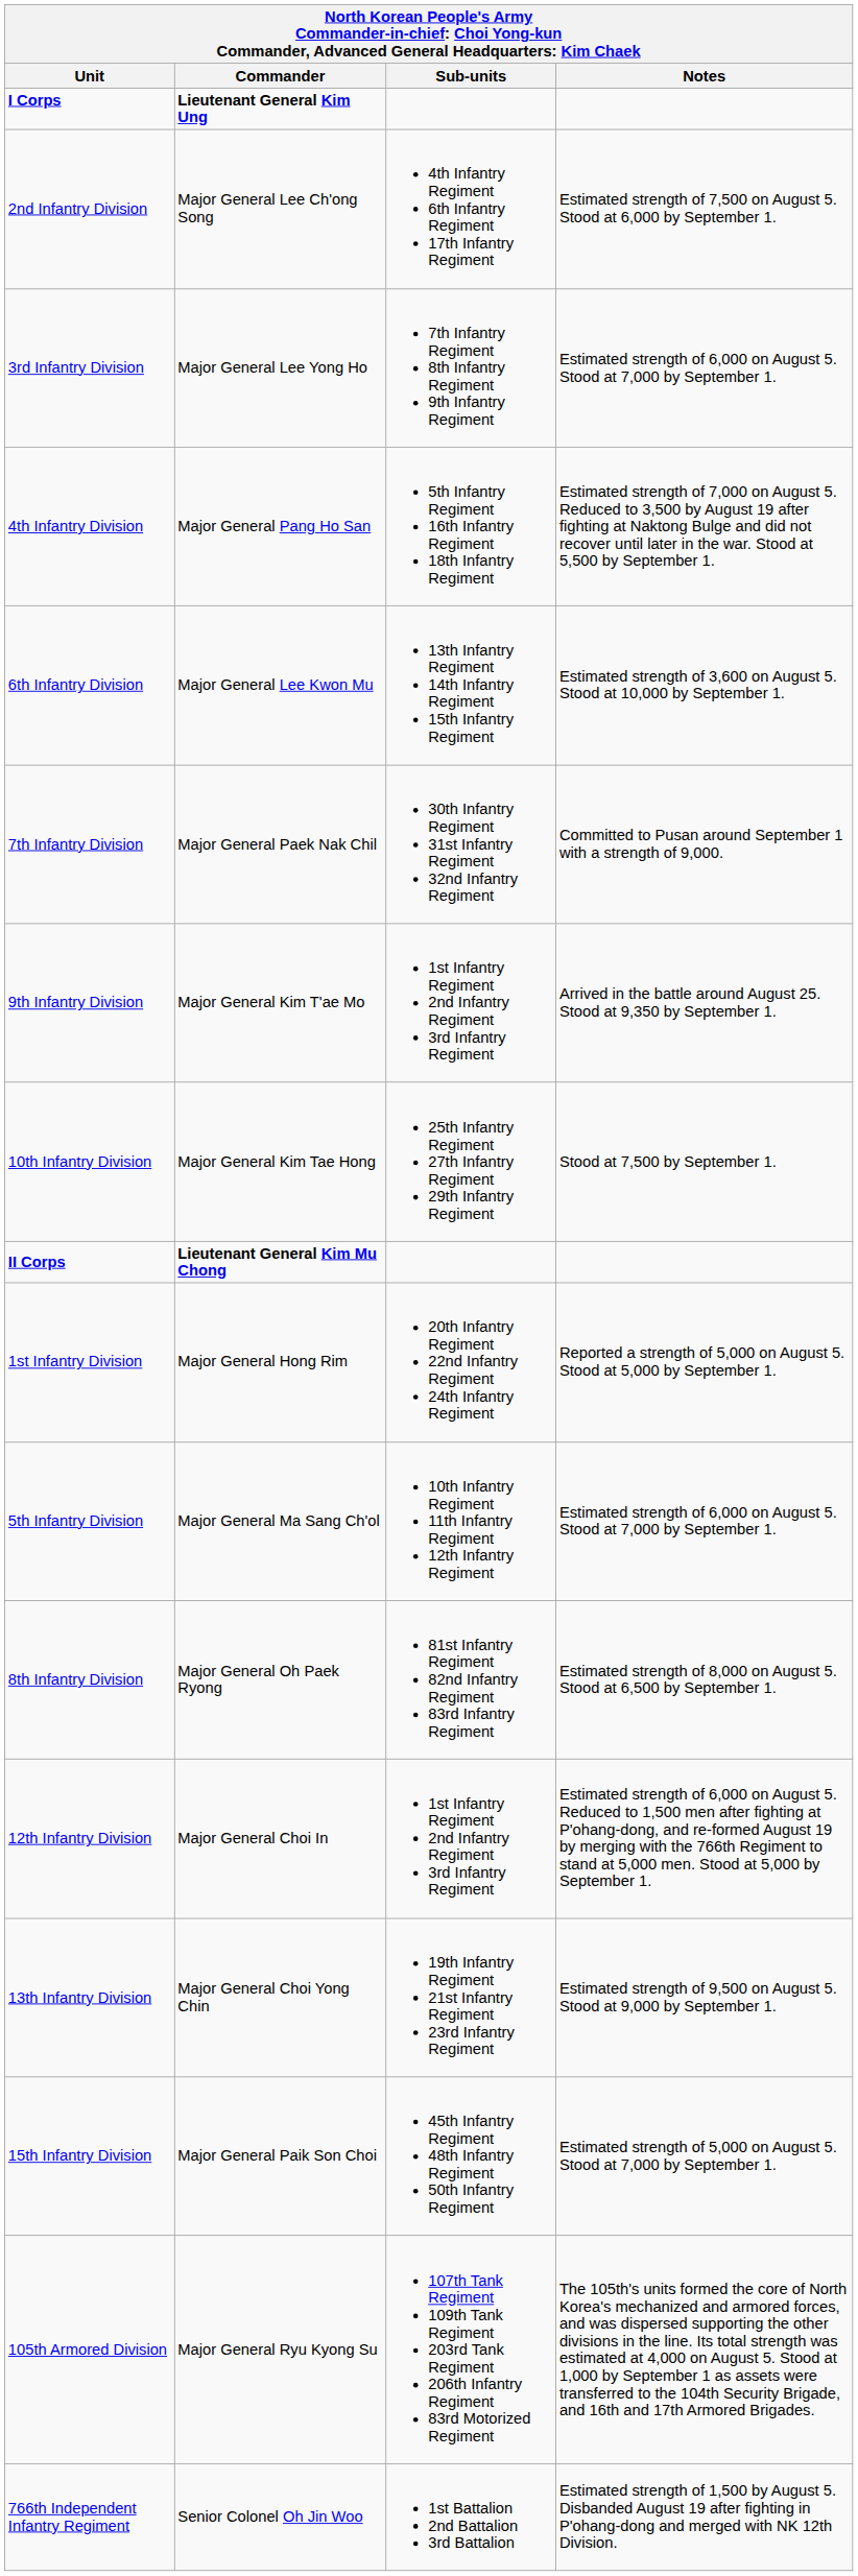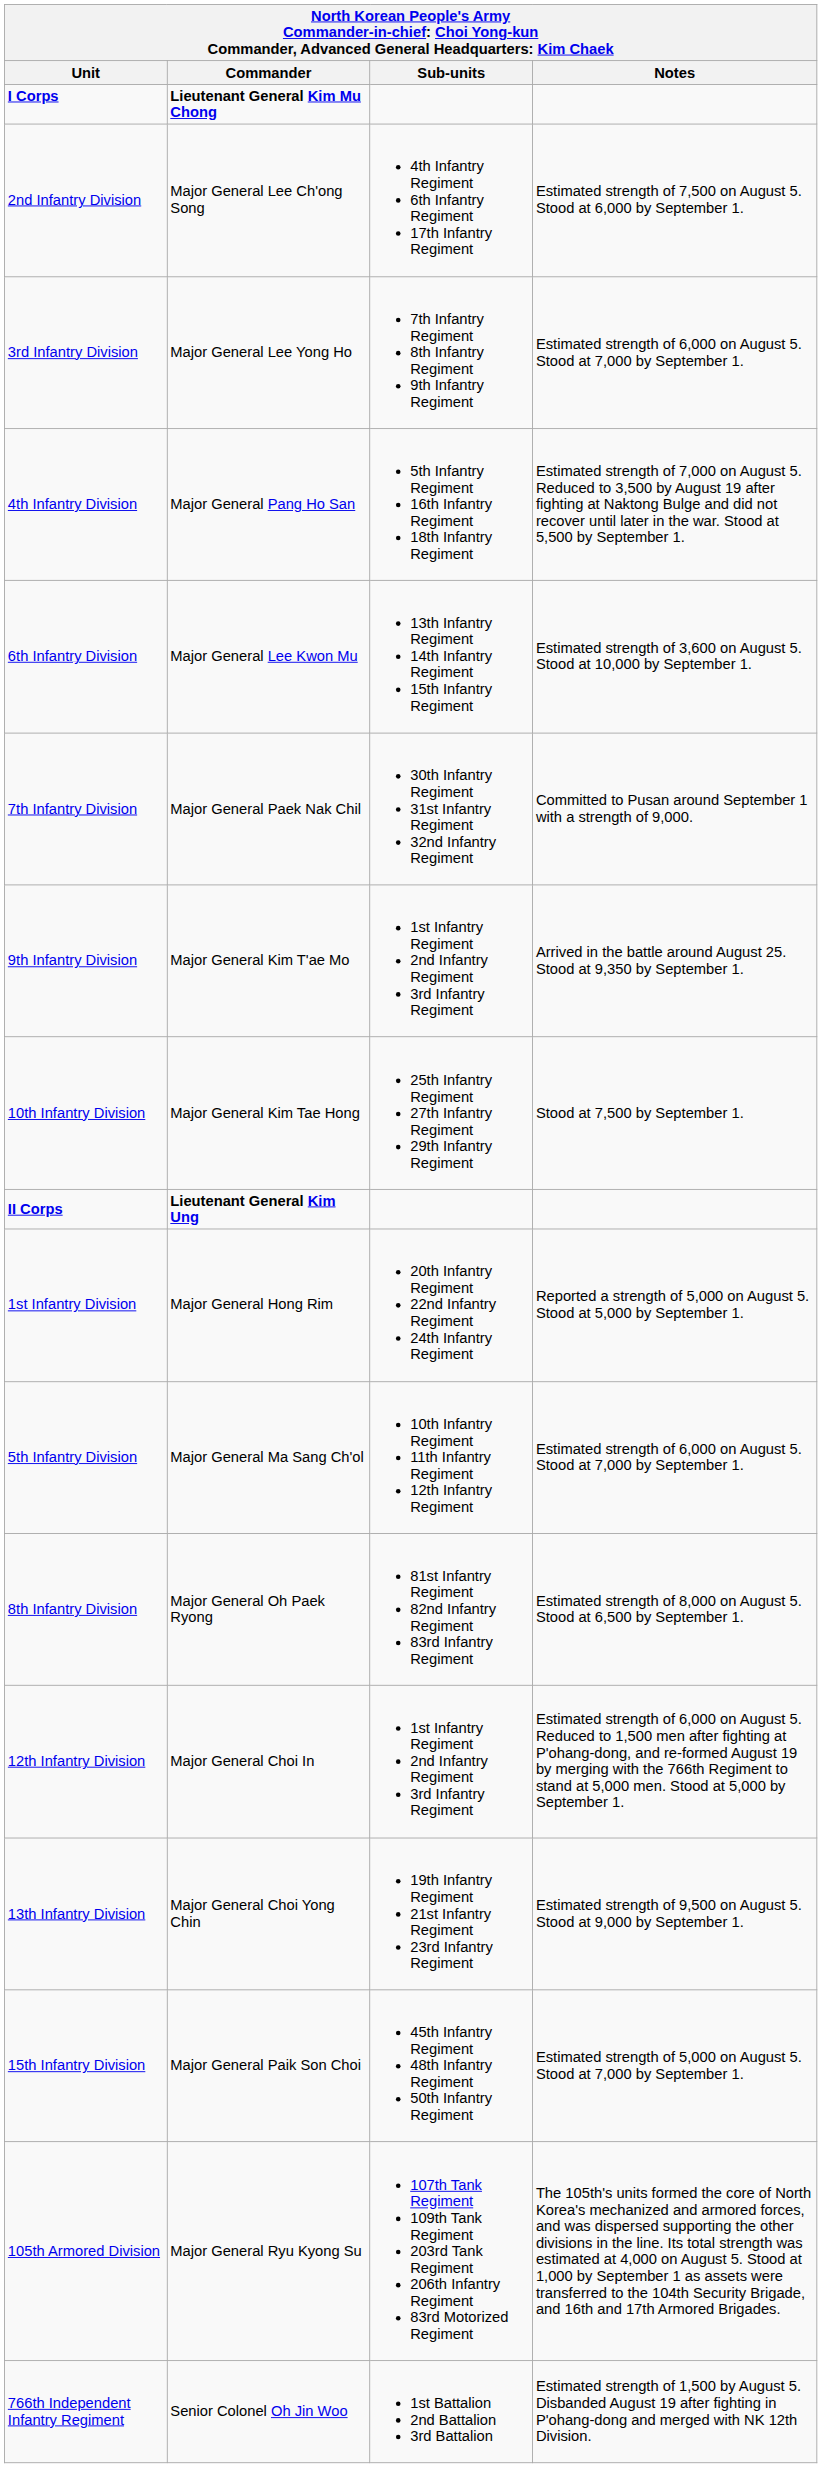 <table class="wikitable" width=100%>
 <tr valign="top">
 <th colspan="11" bgcolor="white">  <a href='#'>North Korean People's Army</a><br><a href='#'>Commander-in-chief</a>: <a href='#'>Choi Yong-kun</a><br>Commander, Advanced General Headquarters: <a href='#'>Kim Chaek</a> </th>
 </tr>
 <tr valign="top"|- valign="top">
 <th width=20%; align= center>Unit</th>
 <th width=25%; align= center>Commander</th>
 <th width=20%; align= center>Sub-units</th>
 <th width=35%; align= center>Notes</th>
 </tr>
 <tr valign="top">
 <td><strong><a href='#'>I Corps</a></strong></td>
-<td><strong>Lieutenant General <a href='#'>Kim Ung</a></strong></td>
+<td><strong>Lieutenant General <a href='#'>Kim Mu Chong</a></strong></td>
 <td></td>
 <td></td>
 </tr>
 <tr>
 <td><a href='#'>2nd Infantry Division</a></td>
 <td>Major General Lee Ch'ong Song</td>
 <td><br><ul><li>4th Infantry Regiment</li><li>6th Infantry Regiment</li><li>17th Infantry Regiment</li></ul></td>
 <td>Estimated strength of 7,500 on August 5. Stood at 6,000 by September 1.</td>
 </tr>
 <tr>
 <td><a href='#'>3rd Infantry Division</a></td>
 <td>Major General Lee Yong Ho</td>
 <td><br><ul><li>7th Infantry Regiment</li><li>8th Infantry Regiment</li><li>9th Infantry Regiment</li></ul></td>
 <td>Estimated strength of 6,000 on August 5. Stood at 7,000 by September 1.</td>
 </tr>
 <tr>
 <td><a href='#'>4th Infantry Division</a></td>
 <td>Major General <a href='#'>Pang Ho San</a></td>
 <td><br><ul><li>5th Infantry Regiment</li><li>16th Infantry Regiment</li><li>18th Infantry Regiment</li></ul></td>
 <td>Estimated strength of 7,000 on August 5. Reduced to 3,500 by August 19 after fighting at Naktong Bulge and did not recover until later in the war. Stood at 5,500 by September 1.</td>
 </tr>
 <tr>
 <td><a href='#'>6th Infantry Division</a></td>
 <td>Major General <a href='#'>Lee Kwon Mu</a></td>
 <td><br><ul><li>13th Infantry Regiment</li><li>14th Infantry Regiment</li><li>15th Infantry Regiment</li></ul></td>
 <td>Estimated strength of 3,600 on August 5. Stood at 10,000 by September 1.</td>
 </tr>
 <tr>
 <td><a href='#'>7th Infantry Division</a></td>
 <td>Major General Paek Nak Chil</td>
 <td><br><ul><li>30th Infantry Regiment</li><li>31st Infantry Regiment</li><li>32nd Infantry Regiment</li></ul></td>
 <td>Committed to Pusan around September 1 with a strength of 9,000.</td>
 </tr>
 <tr>
 <td><a href='#'>9th Infantry Division</a></td>
 <td>Major General Kim T'ae Mo</td>
 <td><br><ul><li>1st Infantry Regiment</li><li>2nd Infantry Regiment</li><li>3rd Infantry Regiment</li></ul></td>
 <td>Arrived in the battle around August 25.  Stood at 9,350 by September 1.</td>
 </tr>
 <tr>
 <td><a href='#'>10th Infantry Division</a></td>
 <td>Major General Kim Tae Hong</td>
 <td><br><ul><li>25th Infantry Regiment</li><li>27th Infantry Regiment</li><li>29th Infantry Regiment</li></ul></td>
 <td>Stood at 7,500 by September 1.</td>
 </tr>
 <tr>
 <td><strong><a href='#'>II Corps</a></strong></td>
-<td><strong>Lieutenant General <a href='#'>Kim Mu Chong</a></strong></td>
+<td><strong>Lieutenant General <a href='#'>Kim Ung</a></strong></td>
 <td></td>
 <td></td>
 </tr>
 <tr>
 <td><a href='#'>1st Infantry Division</a></td>
 <td>Major General Hong Rim</td>
 <td><br><ul><li>20th Infantry Regiment</li><li>22nd Infantry Regiment</li><li>24th Infantry Regiment</li></ul></td>
 <td>Reported a strength of 5,000 on August 5.  Stood at 5,000 by September 1.</td>
 </tr>
 <tr>
 <td><a href='#'>5th Infantry Division</a></td>
 <td>Major General Ma Sang Ch'ol</td>
 <td><br><ul><li>10th Infantry Regiment</li><li>11th Infantry Regiment</li><li>12th Infantry Regiment</li></ul></td>
 <td>Estimated strength of 6,000 on August 5.  Stood at 7,000 by September 1.</td>
 </tr>
 <tr>
 <td><a href='#'>8th Infantry Division</a></td>
 <td>Major General Oh Paek Ryong</td>
 <td><br><ul><li>81st Infantry Regiment</li><li>82nd Infantry Regiment</li><li>83rd Infantry Regiment</li></ul></td>
 <td>Estimated strength of 8,000 on August 5.  Stood at 6,500 by September 1.</td>
 </tr>
 <tr>
 <td><a href='#'>12th Infantry Division</a></td>
 <td>Major General Choi In</td>
 <td><br><ul><li>1st Infantry Regiment</li><li>2nd Infantry Regiment</li><li>3rd Infantry Regiment</li></ul></td>
 <td>Estimated strength of 6,000 on August 5. Reduced to 1,500 men after fighting at P'ohang-dong, and re-formed August 19 by merging with the 766th Regiment to stand at 5,000 men.  Stood at 5,000 by September 1.</td>
 </tr>
 <tr>
 <td><a href='#'>13th Infantry Division</a></td>
 <td>Major General Choi Yong Chin</td>
 <td><br><ul><li>19th Infantry Regiment</li><li>21st Infantry Regiment</li><li>23rd Infantry Regiment</li></ul></td>
 <td>Estimated strength of 9,500 on August 5.  Stood at 9,000 by September 1.</td>
 </tr>
 <tr>
 <td><a href='#'>15th Infantry Division</a></td>
 <td>Major General Paik Son Choi</td>
 <td><br><ul><li>45th Infantry Regiment</li><li>48th Infantry Regiment</li><li>50th Infantry Regiment</li></ul></td>
 <td>Estimated strength of 5,000 on August 5.  Stood at 7,000 by September 1.</td>
 </tr>
 <tr>
 <td><a href='#'>105th Armored Division</a></td>
 <td>Major General Ryu Kyong Su</td>
 <td><br><ul><li><a href='#'>107th Tank Regiment</a></li><li>109th Tank Regiment</li><li>203rd Tank Regiment</li><li>206th Infantry Regiment</li><li>83rd Motorized Regiment</li></ul></td>
 <td>The 105th's units formed the core of North Korea's mechanized and armored forces, and was dispersed supporting the other divisions in the line. Its total strength was estimated at 4,000 on August 5.  Stood at 1,000 by September 1 as assets were transferred to the 104th Security Brigade, and 16th and 17th Armored Brigades.</td>
 </tr>
 <tr>
 <td><a href='#'>766th Independent Infantry Regiment</a></td>
 <td>Senior Colonel <a href='#'>Oh Jin Woo</a></td>
 <td><br><ul><li>1st Battalion</li><li>2nd Battalion</li><li>3rd Battalion</li></ul></td>
 <td>Estimated strength of 1,500 by August 5. Disbanded August 19 after fighting in P'ohang-dong and merged with NK 12th Division.</td>
 </tr>
 </table>
